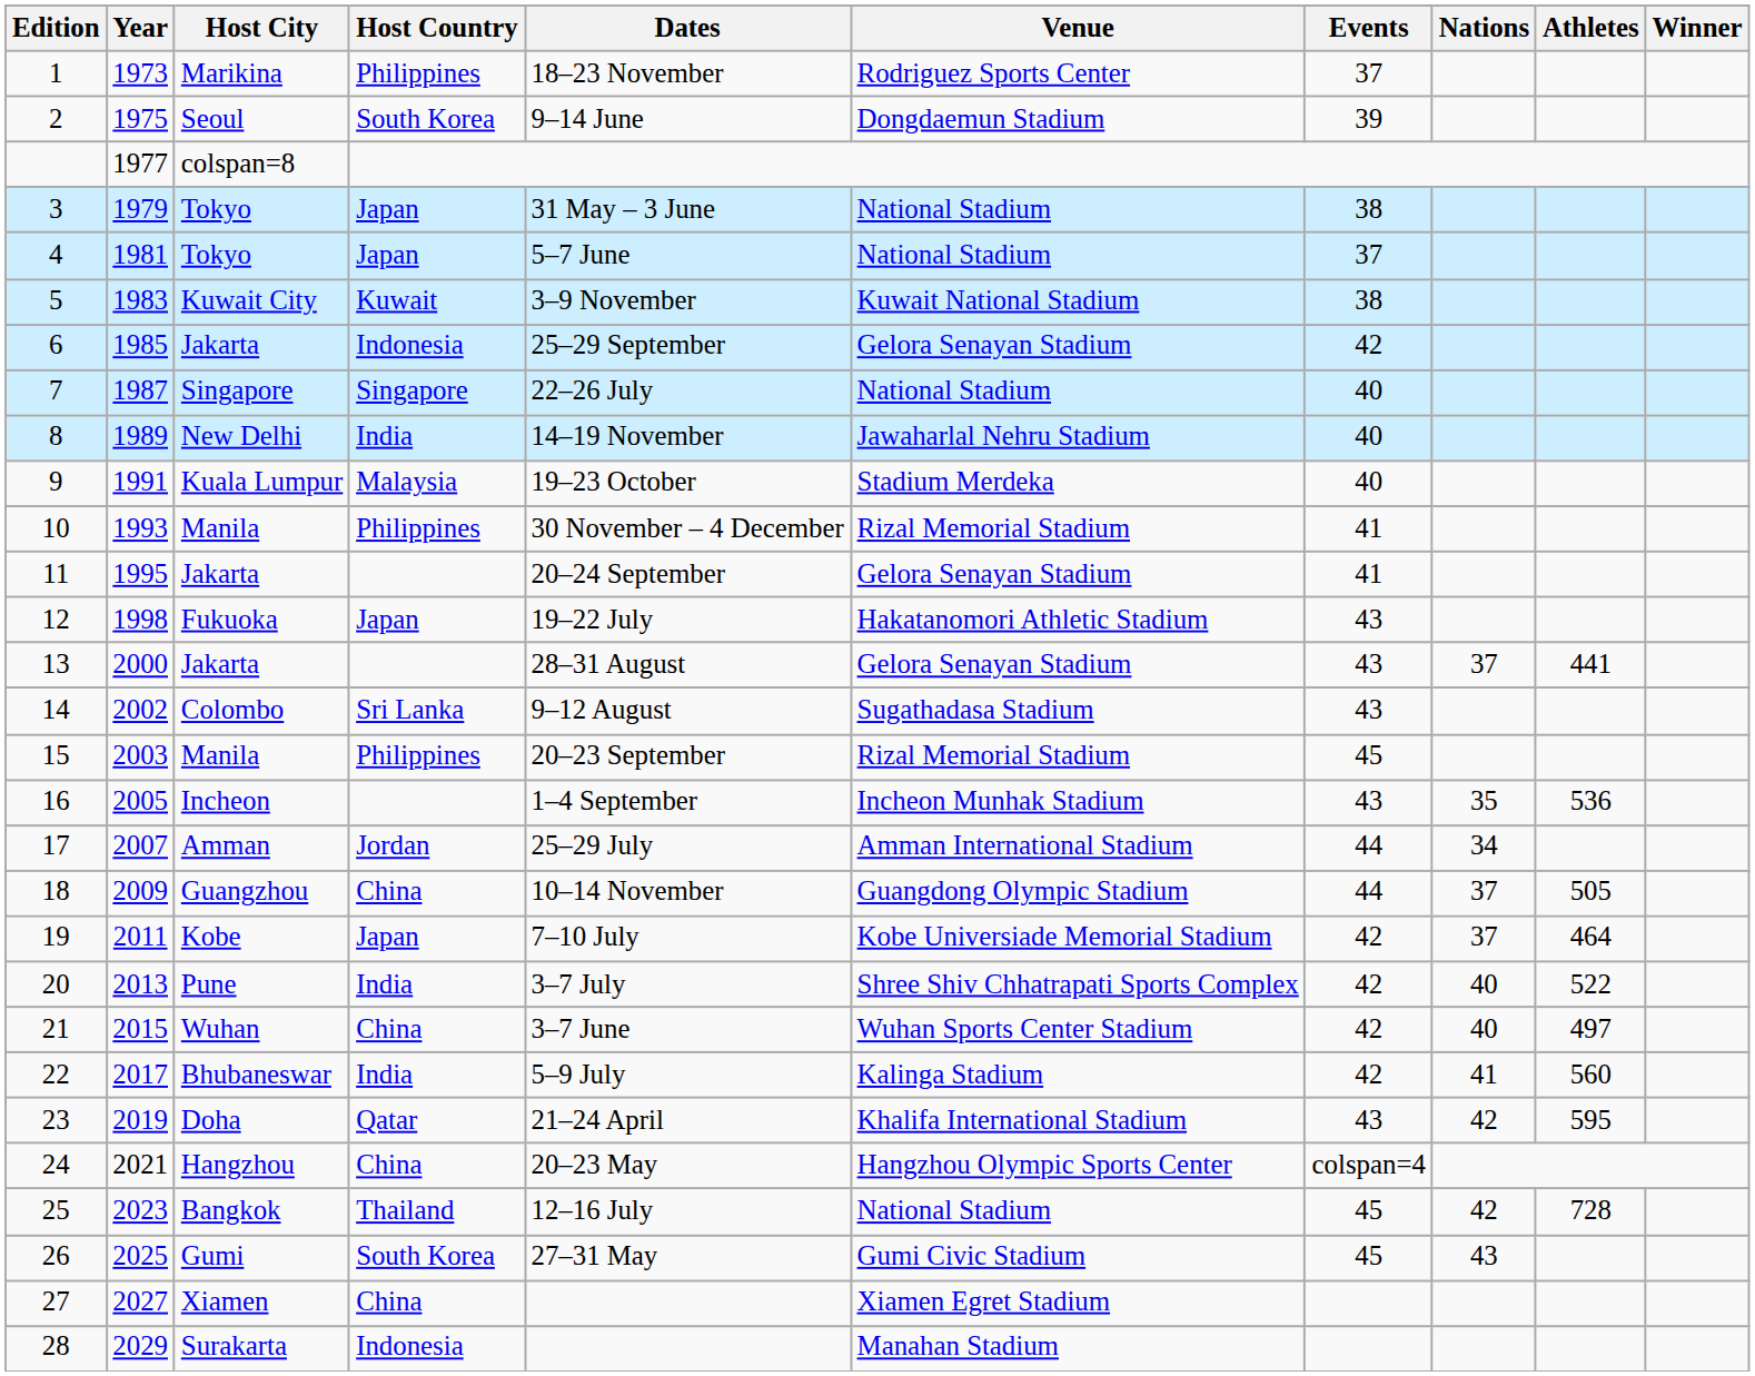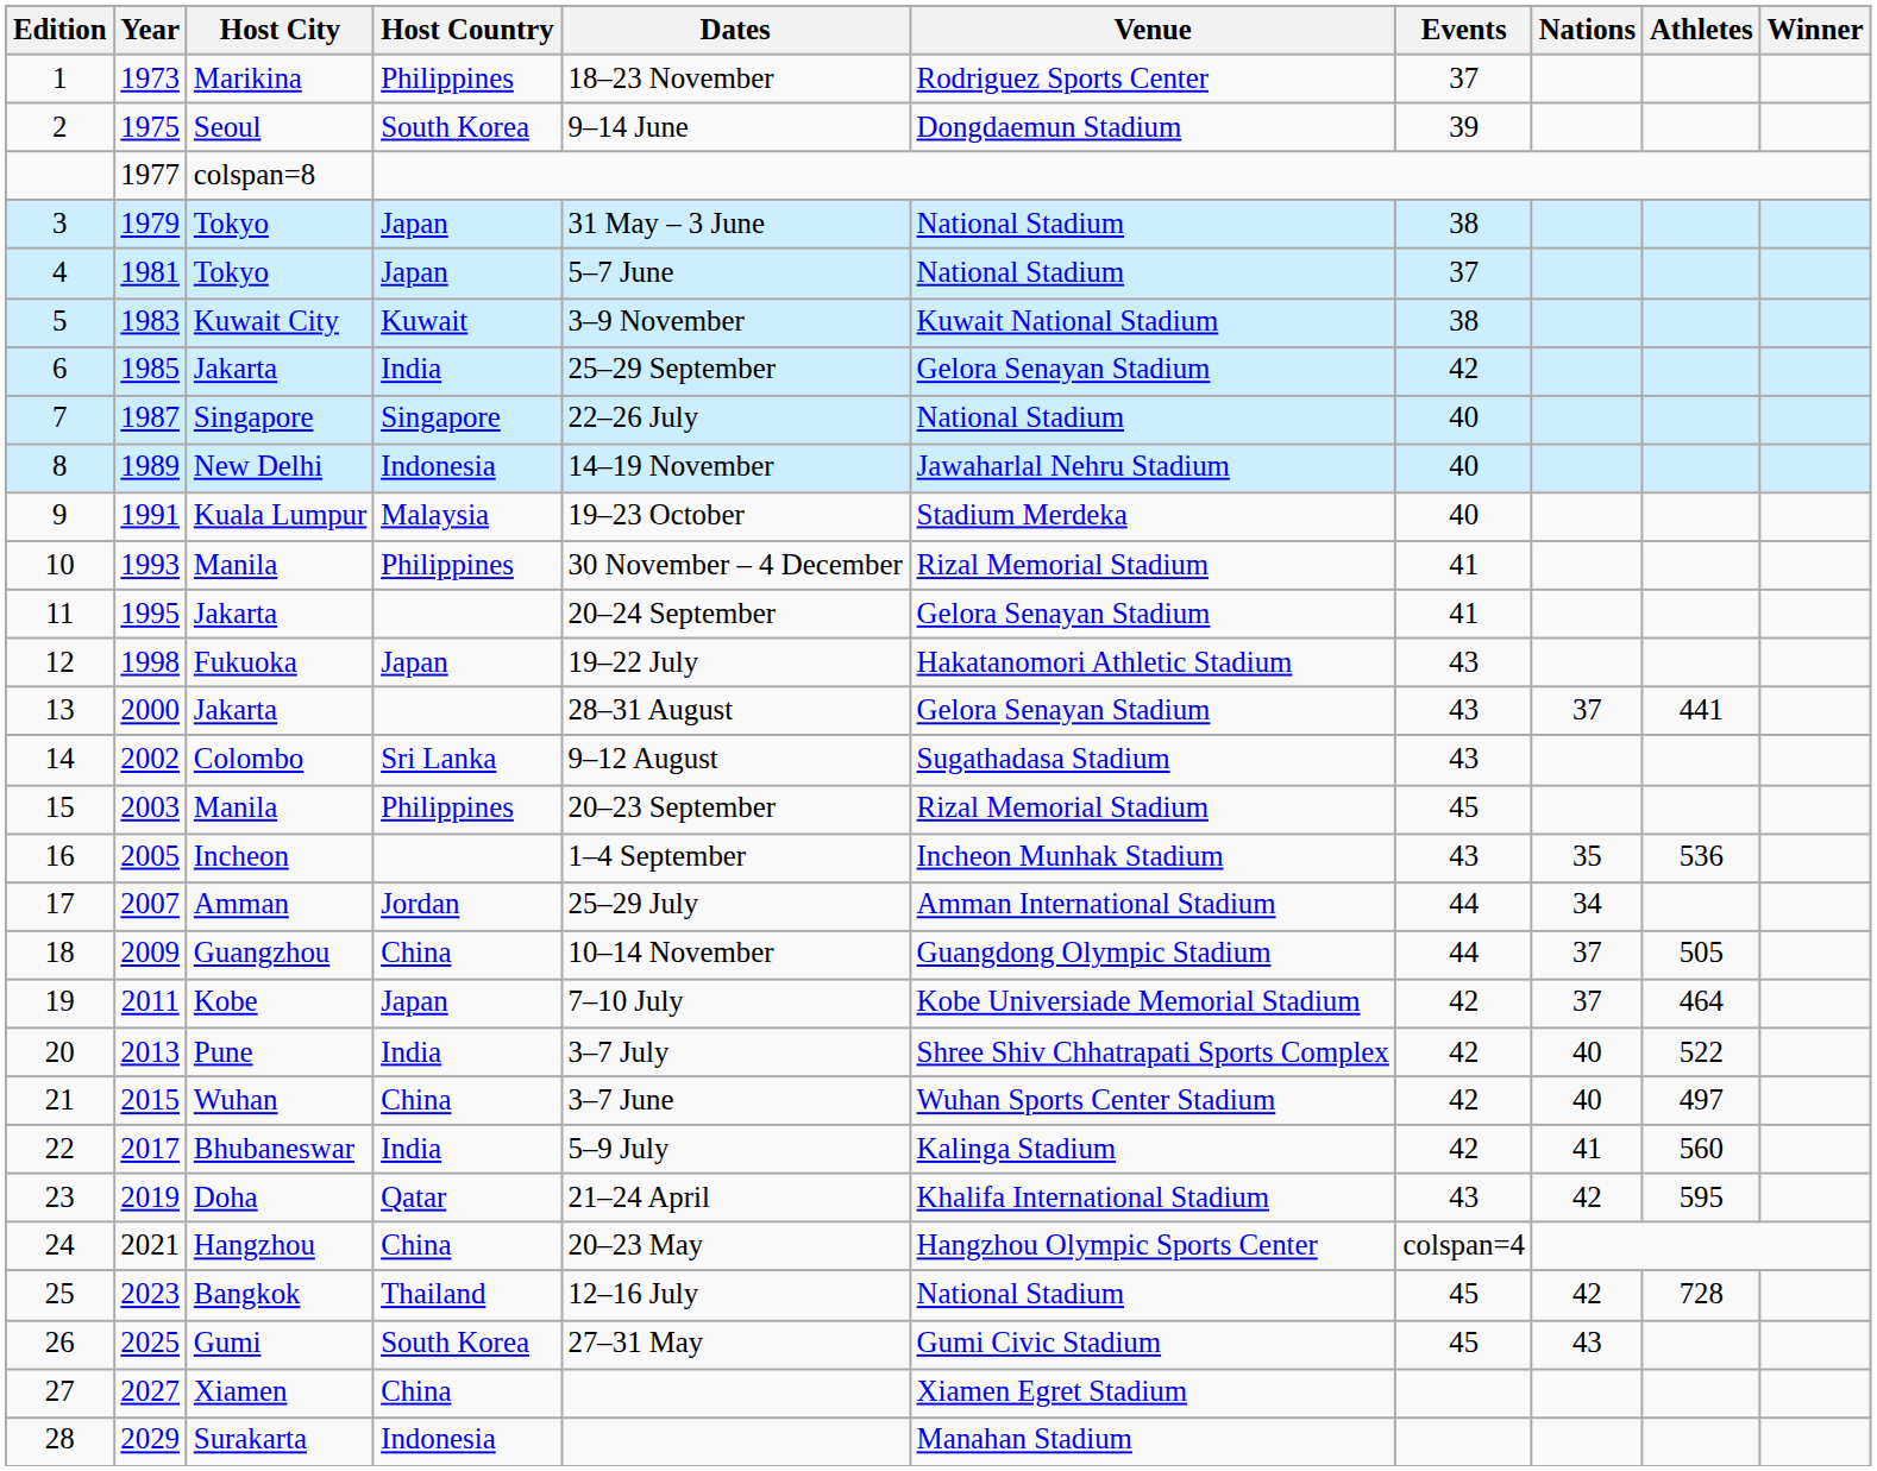 <table class="wikitable sortable" style="text-align:left; font-size:80%">
 <tr>
 <th style="background-color: #silver;">Edition</th>
 <th style="background-color: #silver;">Year</th>
 <th style="background-color: #silver;">Host City</th>
 <th style="background-color: #silver;">Host Country</th>
 <th style="background-color: #silver;">Dates</th>
 <th style="background-color: #silver;">Venue</th>
 <th style="background-color: #silver;">Events</th>
 <th style="background-color: #silver;">Nations</th>
 <th style="background-color: #silver;">Athletes</th>
 <th style="background-color: #silver;">Winner</th>
 </tr>
 <tr>
 <td align=center>1</td>
 <td align=center><a href='#'>1973</a></td>
 <td><a href='#'>Marikina</a></td>
 <td align=left> <a href='#'>Philippines</a></td>
 <td>18–23 November</td>
 <td><a href='#'>Rodriguez Sports Center</a></td>
 <td align=center>37</td>
 <td></td>
 <td></td>
 <td></td>
 </tr>
 <tr>
 <td align=center>2</td>
 <td align=center><a href='#'>1975</a></td>
 <td><a href='#'>Seoul</a></td>
 <td align=left> <a href='#'>South Korea</a></td>
 <td>9–14 June</td>
 <td><a href='#'>Dongdaemun Stadium</a></td>
 <td align=center>39</td>
 <td></td>
 <td></td>
 <td></td>
 </tr>
 <tr>
 <td></td>
 <td align=center>1977</td>
 <td>colspan=8 </td>
 </tr>
 <tr bgcolor=#CCEEFF>
 <td align=center>3</td>
 <td align=center><a href='#'>1979</a></td>
 <td><a href='#'>Tokyo</a></td>
 <td align=left> <a href='#'>Japan</a></td>
 <td>31 May – 3 June</td>
 <td><a href='#'>National Stadium</a></td>
 <td align=center>38</td>
 <td></td>
 <td></td>
 <td></td>
 </tr>
 <tr bgcolor=#CCEEFF>
 <td align=center>4</td>
 <td align=center><a href='#'>1981</a></td>
 <td><a href='#'>Tokyo</a></td>
 <td align=left> <a href='#'>Japan</a></td>
 <td>5–7 June</td>
 <td><a href='#'>National Stadium</a></td>
 <td align=center>37</td>
 <td></td>
 <td></td>
 <td></td>
 </tr>
 <tr bgcolor=#CCEEFF>
 <td align=center>5</td>
 <td align=center><a href='#'>1983</a></td>
 <td><a href='#'>Kuwait City</a></td>
 <td align=left> <a href='#'>Kuwait</a></td>
 <td>3–9 November</td>
 <td><a href='#'>Kuwait National Stadium</a></td>
 <td align=center>38</td>
 <td></td>
 <td></td>
 <td></td>
 </tr>
 <tr bgcolor=#CCEEFF>
 <td align=center>6</td>
 <td align=center><a href='#'>1985</a></td>
 <td><a href='#'>Jakarta</a></td>
-<td align=left> <a href='#'>Indonesia</a></td>
+<td align=left> <a href='#'>India</a></td>
 <td>25–29 September</td>
 <td><a href='#'>Gelora Senayan Stadium</a></td>
 <td align=center>42</td>
 <td></td>
 <td></td>
 <td></td>
 </tr>
 <tr bgcolor=#CCEEFF>
 <td align=center>7</td>
 <td align=center><a href='#'>1987</a></td>
 <td><a href='#'>Singapore</a></td>
 <td align=left> <a href='#'>Singapore</a></td>
 <td>22–26 July</td>
 <td><a href='#'>National Stadium</a></td>
 <td align=center>40</td>
 <td></td>
 <td></td>
 <td></td>
 </tr>
 <tr bgcolor=#CCEEFF>
 <td align=center>8</td>
 <td align=center><a href='#'>1989</a></td>
 <td><a href='#'>New Delhi</a></td>
-<td align=left> <a href='#'>India</a></td>
+<td align=left> <a href='#'>Indonesia</a></td>
 <td>14–19 November</td>
 <td><a href='#'>Jawaharlal Nehru Stadium</a></td>
 <td align=center>40</td>
 <td></td>
 <td></td>
 <td></td>
 </tr>
 <tr>
 <td align=center>9</td>
 <td align=center><a href='#'>1991</a></td>
 <td><a href='#'>Kuala Lumpur</a></td>
 <td align=left> <a href='#'>Malaysia</a></td>
 <td>19–23 October</td>
 <td><a href='#'>Stadium Merdeka</a></td>
 <td align=center>40</td>
 <td></td>
 <td></td>
 <td></td>
 </tr>
 <tr>
 <td align=center>10</td>
 <td align=center><a href='#'>1993</a></td>
 <td><a href='#'>Manila</a></td>
 <td align=left> <a href='#'>Philippines</a></td>
 <td>30 November – 4 December</td>
 <td><a href='#'>Rizal Memorial Stadium</a></td>
 <td align=center>41</td>
 <td></td>
 <td></td>
 <td></td>
 </tr>
 <tr>
 <td align=center>11</td>
 <td align=center><a href='#'>1995</a></td>
 <td><a href='#'>Jakarta</a></td>
 <td align=left></td>
 <td>20–24 September</td>
 <td><a href='#'>Gelora Senayan Stadium</a></td>
 <td align=center>41</td>
 <td></td>
 <td></td>
 <td></td>
 </tr>
 <tr>
 <td align=center>12</td>
 <td align=center><a href='#'>1998</a></td>
 <td><a href='#'>Fukuoka</a></td>
 <td align=left> <a href='#'>Japan</a></td>
 <td>19–22 July</td>
 <td><a href='#'>Hakatanomori Athletic Stadium</a></td>
 <td align=center>43</td>
 <td></td>
 <td></td>
 <td></td>
 </tr>
 <tr>
 <td align=center>13</td>
 <td align=center><a href='#'>2000</a></td>
 <td><a href='#'>Jakarta</a></td>
 <td align=left></td>
 <td>28–31 August</td>
 <td><a href='#'>Gelora Senayan Stadium</a></td>
 <td align=center>43</td>
 <td align=center>37</td>
 <td align=center>441</td>
 <td></td>
 </tr>
 <tr>
 <td align=center>14</td>
 <td align=center><a href='#'>2002</a></td>
 <td><a href='#'>Colombo</a></td>
 <td align=left> <a href='#'>Sri Lanka</a></td>
 <td>9–12 August</td>
 <td><a href='#'>Sugathadasa Stadium</a></td>
 <td align=center>43</td>
 <td></td>
 <td></td>
 <td></td>
 </tr>
 <tr>
 <td align=center>15</td>
 <td align=center><a href='#'>2003</a></td>
 <td><a href='#'>Manila</a></td>
 <td align=left> <a href='#'>Philippines</a></td>
 <td>20–23 September</td>
 <td><a href='#'>Rizal Memorial Stadium</a></td>
 <td align=center>45</td>
 <td></td>
 <td></td>
 <td></td>
 </tr>
 <tr>
 <td align=center>16</td>
 <td align=center><a href='#'>2005</a></td>
 <td><a href='#'>Incheon</a></td>
 <td align=left></td>
 <td>1–4 September</td>
 <td><a href='#'>Incheon Munhak Stadium</a></td>
 <td align=center>43</td>
 <td align=center>35</td>
 <td align=center>536</td>
 <td></td>
 </tr>
 <tr>
 <td align=center>17</td>
 <td align=center><a href='#'>2007</a></td>
 <td><a href='#'>Amman</a></td>
 <td align=left> <a href='#'>Jordan</a></td>
 <td>25–29 July</td>
 <td><a href='#'>Amman International Stadium</a></td>
 <td align=center>44</td>
 <td align=center>34</td>
 <td></td>
 <td></td>
 </tr>
 <tr>
 <td align=center>18</td>
 <td align=center><a href='#'>2009</a></td>
 <td><a href='#'>Guangzhou</a></td>
 <td align=left> <a href='#'>China</a></td>
 <td>10–14 November</td>
 <td><a href='#'>Guangdong Olympic Stadium</a></td>
 <td align=center>44</td>
 <td align=center>37</td>
 <td align=center>505</td>
 <td></td>
 </tr>
 <tr>
 <td align=center>19</td>
 <td align=center><a href='#'>2011</a></td>
 <td><a href='#'>Kobe</a></td>
 <td align=left> <a href='#'>Japan</a></td>
 <td>7–10 July</td>
 <td><a href='#'>Kobe Universiade Memorial Stadium</a></td>
 <td align=center>42</td>
 <td align=center>37</td>
 <td align=center>464</td>
 <td></td>
 </tr>
 <tr>
 <td align=center>20</td>
 <td align=center><a href='#'>2013</a></td>
 <td><a href='#'>Pune</a></td>
 <td align=left> <a href='#'>India</a></td>
 <td>3–7 July</td>
 <td><a href='#'>Shree Shiv Chhatrapati Sports Complex</a></td>
 <td align=center>42</td>
 <td align=center>40</td>
 <td align=center>522</td>
 <td></td>
 </tr>
 <tr>
 <td align=center>21</td>
 <td align=center><a href='#'>2015</a></td>
 <td><a href='#'>Wuhan</a></td>
 <td align=left> <a href='#'>China</a></td>
 <td>3–7 June</td>
 <td><a href='#'>Wuhan Sports Center Stadium</a></td>
 <td align=center>42</td>
 <td align=center>40</td>
 <td align=center>497</td>
 <td></td>
 </tr>
 <tr>
 <td align=center>22</td>
 <td align=center><a href='#'>2017</a></td>
 <td><a href='#'>Bhubaneswar</a></td>
 <td align=left> <a href='#'>India</a></td>
 <td>5–9 July</td>
 <td><a href='#'>Kalinga Stadium</a></td>
 <td align=center>42</td>
 <td align=center>41</td>
 <td align=center>560</td>
 <td></td>
 </tr>
 <tr>
 <td align=center>23</td>
 <td align=center><a href='#'>2019</a></td>
 <td><a href='#'>Doha</a></td>
 <td align=left> <a href='#'>Qatar</a></td>
 <td>21–24 April</td>
 <td><a href='#'>Khalifa International Stadium</a></td>
 <td align=center>43</td>
 <td align=center>42</td>
 <td align=center>595</td>
 <td></td>
 </tr>
 <tr>
 <td align=center>24</td>
 <td align=center>2021</td>
 <td><a href='#'>Hangzhou</a></td>
 <td align=left> <a href='#'>China</a></td>
 <td>20–23 May</td>
 <td><a href='#'>Hangzhou Olympic Sports Center</a></td>
 <td>colspan=4 </td>
 </tr>
 <tr>
 <td align=center>25</td>
 <td align=center><a href='#'>2023</a></td>
 <td><a href='#'>Bangkok</a></td>
 <td align=left> <a href='#'>Thailand</a></td>
 <td>12–16 July</td>
 <td><a href='#'>National Stadium</a></td>
 <td align=center>45</td>
 <td align="center">42</td>
 <td align="center">728</td>
 <td></td>
 </tr>
 <tr>
 <td align=center>26</td>
 <td align=center><a href='#'>2025</a></td>
 <td><a href='#'>Gumi</a></td>
 <td align=left> <a href='#'>South Korea</a></td>
 <td>27–31 May</td>
 <td><a href='#'>Gumi Civic Stadium</a></td>
 <td align=center>45</td>
 <td align=center>43</td>
 <td align=center></td>
 <td></td>
 </tr>
 <tr>
 <td align=center>27</td>
 <td align=center><a href='#'>2027</a></td>
 <td><a href='#'>Xiamen</a></td>
 <td align=left> <a href='#'>China</a></td>
 <td align=center></td>
 <td><a href='#'>Xiamen Egret Stadium</a></td>
 <td align=center></td>
 <td align=center></td>
 <td align=center></td>
 <td></td>
 </tr>
 <tr>
 <td align=center>28</td>
 <td align=center><a href='#'>2029</a></td>
 <td><a href='#'>Surakarta</a></td>
 <td align=left> <a href='#'>Indonesia</a></td>
 <td align=center></td>
 <td><a href='#'>Manahan Stadium</a></td>
 <td align=center></td>
 <td align=center></td>
 <td align=center></td>
 <td></td>
 </tr>
 </table>
